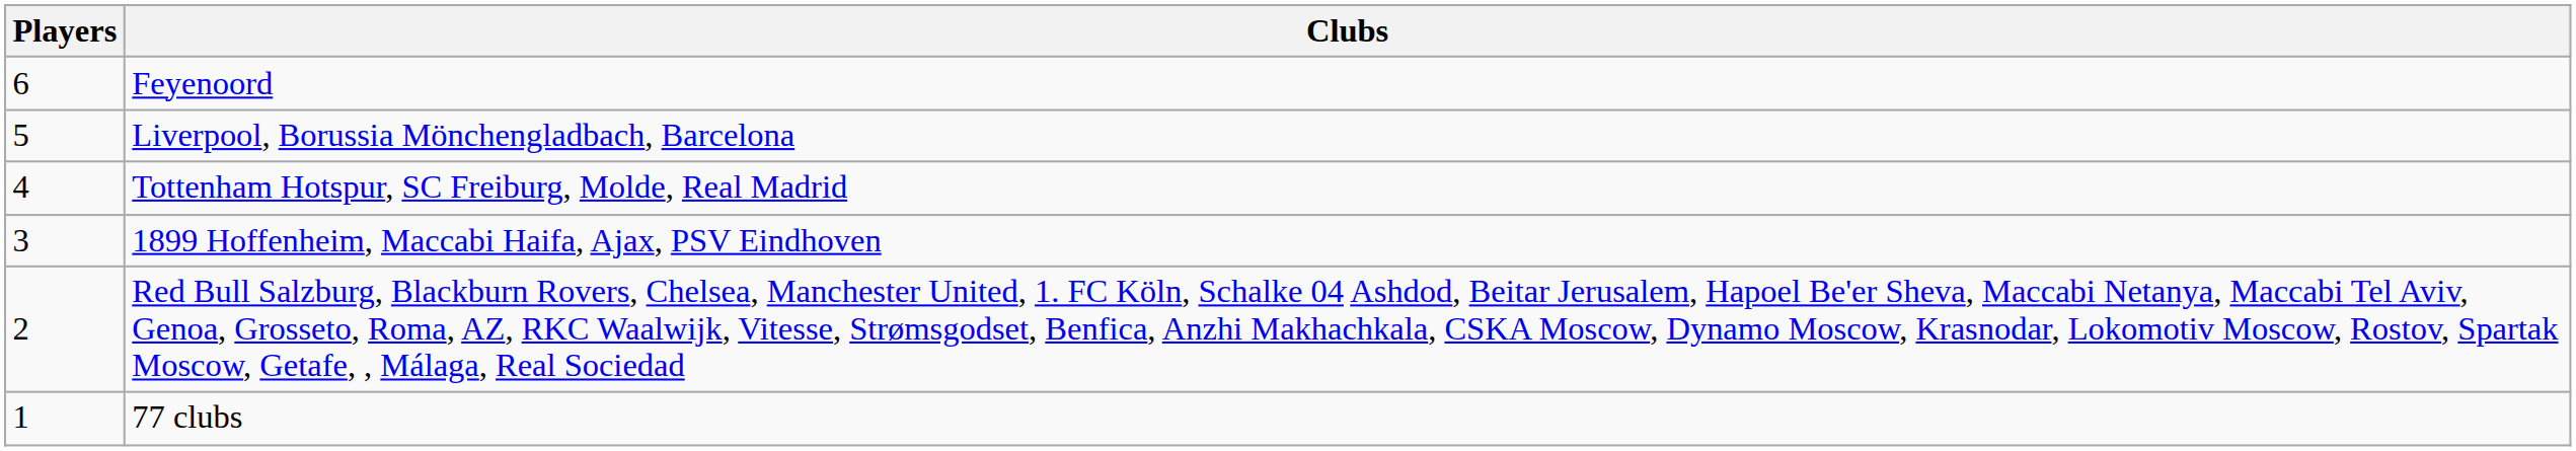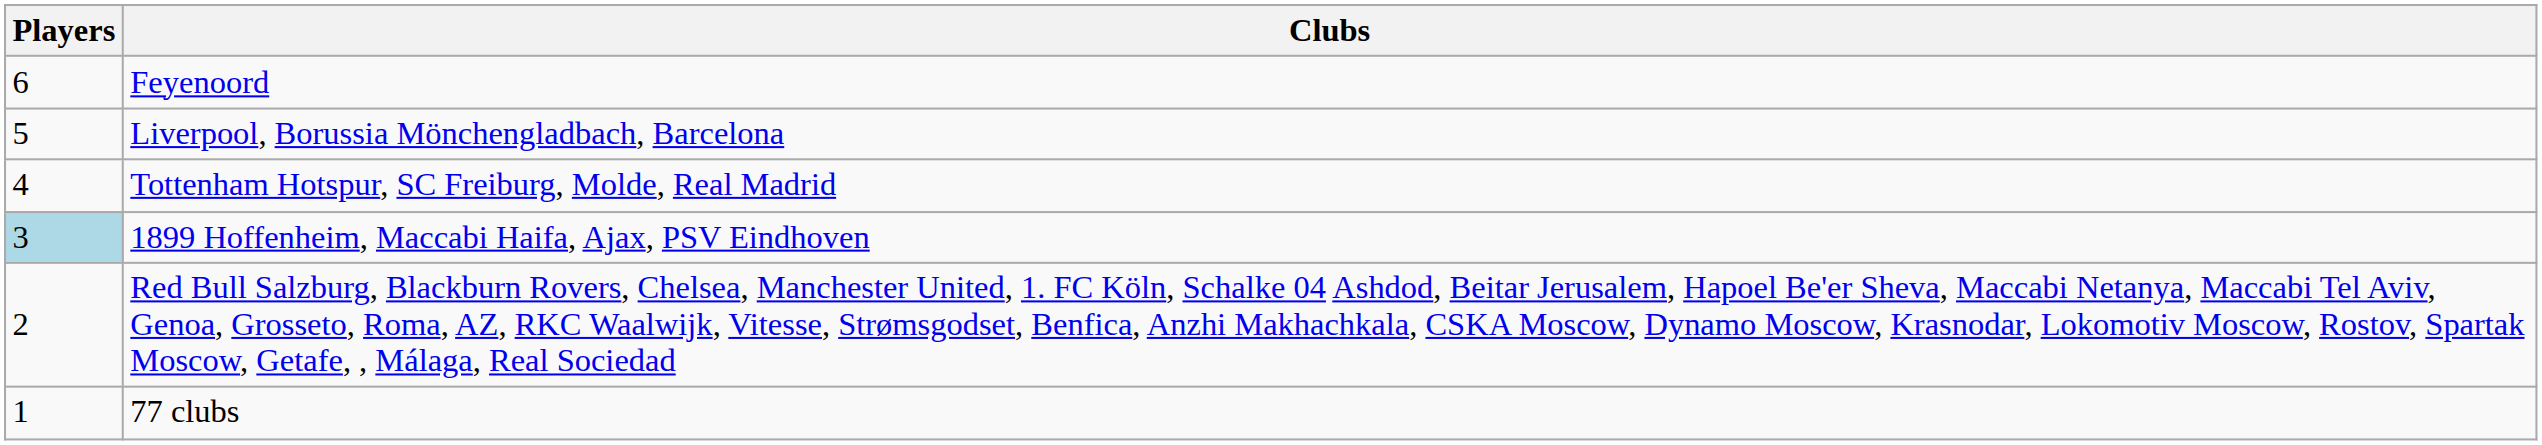 <table class="wikitable">
 <tr>
 <th>Players</th>
 <th>Clubs</th>
 </tr>
 <tr>
 <td>6</td>
 <td> <a href='#'>Feyenoord</a></td>
 </tr>
 <tr>
 <td>5</td>
 <td> <a href='#'>Liverpool</a>,  <a href='#'>Borussia Mönchengladbach</a>,  <a href='#'>Barcelona</a></td>
 </tr>
 <tr>
 <td>4</td>
 <td> <a href='#'>Tottenham Hotspur</a>,  <a href='#'>SC Freiburg</a>,  <a href='#'>Molde</a>,  <a href='#'>Real Madrid</a></td>
 </tr>
 <tr>
-<td>3</td>
+<td style="background: lightblue;">3</td>
 <td> <a href='#'>1899 Hoffenheim</a>,  <a href='#'>Maccabi Haifa</a>,  <a href='#'>Ajax</a>,  <a href='#'>PSV Eindhoven</a></td>
 </tr>
 <tr>
 <td>2</td>
 <td> <a href='#'>Red Bull Salzburg</a>,  <a href='#'>Blackburn Rovers</a>,  <a href='#'>Chelsea</a>,  <a href='#'>Manchester United</a>,  <a href='#'>1. FC Köln</a>,  <a href='#'>Schalke 04</a>  <a href='#'>Ashdod</a>,  <a href='#'>Beitar Jerusalem</a>,  <a href='#'>Hapoel Be'er Sheva</a>,  <a href='#'>Maccabi Netanya</a>,  <a href='#'>Maccabi Tel Aviv</a>,  <a href='#'>Genoa</a>,  <a href='#'>Grosseto</a>,  <a href='#'>Roma</a>,  <a href='#'>AZ</a>,  <a href='#'>RKC Waalwijk</a>,  <a href='#'>Vitesse</a>,  <a href='#'>Strømsgodset</a>,  <a href='#'>Benfica</a>,  <a href='#'>Anzhi Makhachkala</a>,  <a href='#'>CSKA Moscow</a>,  <a href='#'>Dynamo Moscow</a>,  <a href='#'>Krasnodar</a>,  <a href='#'>Lokomotiv Moscow</a>,  <a href='#'>Rostov</a>,  <a href='#'>Spartak Moscow</a>,  <a href='#'>Getafe</a>, , <a href='#'>Málaga</a>,  <a href='#'>Real Sociedad</a></td>
 </tr>
 <tr>
 <td>1</td>
 <td>77 clubs</td>
 </tr>
 </table>
